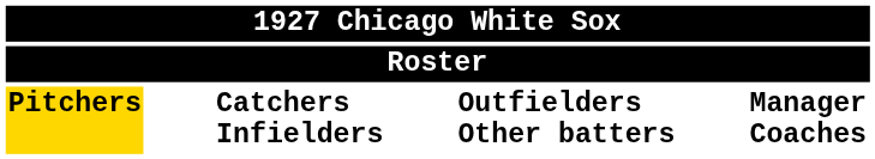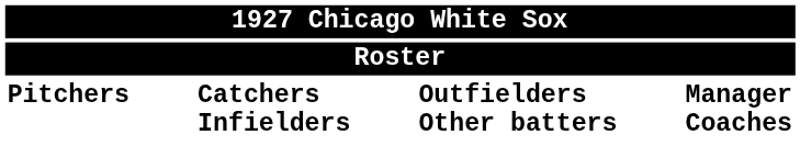 <table class="toccolours" style="font-size: 95%;">
 <tr>
 <th colspan="10" style="background-color: black; color: white; text-align: center;">1927 Chicago White Sox</th>
 </tr>
 <tr>
 <td colspan="10" style="background-color: black; color: white; text-align: center;"><strong>Roster</strong></td>
 </tr>
 <tr>
-<td valign="top" style="background: gold;"><strong>Pitchers</strong><br>         </td>
+<td valign="top"><strong>Pitchers</strong><br>         </td>
 <td width="25px"></td>
 <td valign="top"><strong>Catchers</strong><br>   <strong>Infielders</strong>          </td>
 <td width="25px"></td>
 <td valign="top"><strong>Outfielders</strong><br>         <strong>Other batters</strong> </td>
 <td width="25px"></td>
 <td valign="top"><strong>Manager</strong><br> <strong>Coaches</strong>  </td>
 </tr>
 </table>
